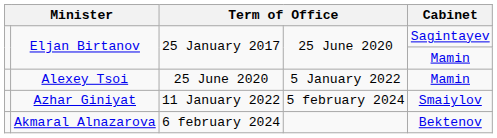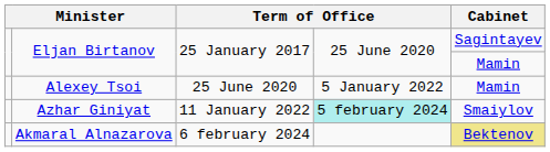 <table class="wikitable" style="text-align:center;">
 <tr>
 <th colspan="2">Minister</th>
 <th colspan="2">Term of Office</th>
 <th colspan="2">Cabinet</th>
 </tr>
 <tr>
 <td rowspan="2"></td>
 <td rowspan="2"><a href='#'>Eljan Birtanov</a></td>
 <td rowspan="2">25 January 2017</td>
 <td rowspan="2">25 June 2020</td>
 <td><a href='#'>Sagintayev</a></td>
 </tr>
 <tr>
 <td><a href='#'>Mamin</a></td>
 </tr>
 <tr>
 <td></td>
 <td><a href='#'>Alexey Tsoi</a></td>
 <td>25 June 2020</td>
 <td>5 January 2022</td>
 <td><a href='#'>Mamin</a></td>
 </tr>
 <tr>
 <td></td>
 <td><a href='#'>Azhar Giniyat</a></td>
 <td>11 January 2022</td>
-<td>5 february 2024</td>
+<td style="background: paleturquoise;">5 february 2024</td>
 <td><a href='#'>Smaiylov</a></td>
 </tr>
 <tr>
 <td></td>
 <td><a href='#'>Akmaral Alnazarova</a></td>
 <td>6 february 2024</td>
 <td></td>
-<td><a href='#'>Bektenov</a></td>
+<td style="background: khaki;"><a href='#'>Bektenov</a></td>
 </tr>
 </table>
